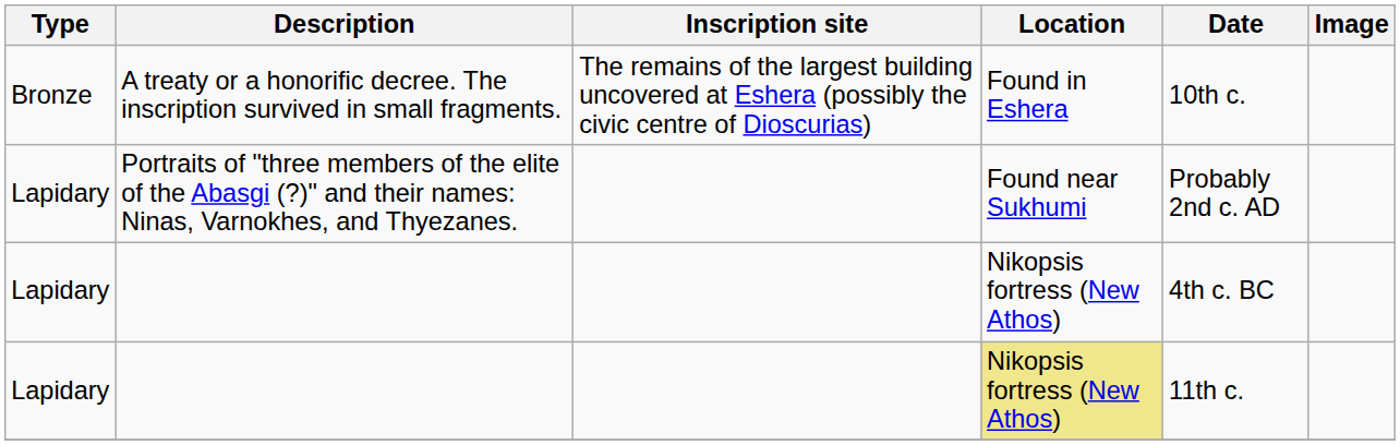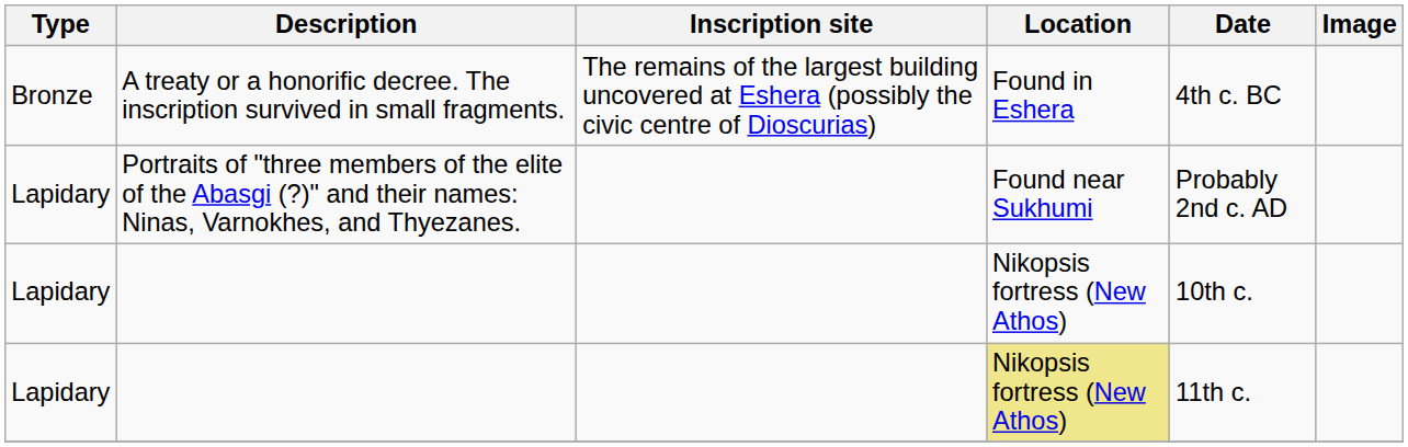 <table class="wikitable">
 <tr>
 <th>Type</th>
 <th>Description</th>
 <th>Inscription site</th>
 <th>Location</th>
 <th>Date</th>
 <th>Image</th>
 </tr>
 <tr>
 <td>Bronze</td>
 <td>A treaty or a honorific decree. The inscription survived in small fragments.</td>
 <td>The remains of the largest building uncovered at <a href='#'>Eshera</a> (possibly the civic centre of <a href='#'>Dioscurias</a>)</td>
 <td>Found in <a href='#'>Eshera</a></td>
-<td>10th c.</td>
+<td>4th c. BC</td>
 <td></td>
 </tr>
 <tr>
 <td>Lapidary</td>
 <td>Portraits of "three members of the elite of the <a href='#'>Abasgi</a> (?)" and their names: Ninas, Varnokhes, and Thyezanes.</td>
 <td></td>
 <td>Found near <a href='#'>Sukhumi</a></td>
 <td>Probably 2nd c. AD</td>
 <td></td>
 </tr>
 <tr>
 <td>Lapidary</td>
 <td></td>
 <td></td>
 <td>Nikopsis fortress (<a href='#'>New Athos</a>)</td>
-<td>4th c. BC</td>
+<td>10th c.</td>
 <td></td>
 </tr>
 <tr>
 <td>Lapidary</td>
 <td></td>
 <td></td>
 <td style="background: khaki;">Nikopsis fortress (<a href='#'>New Athos</a>)</td>
 <td>11th c.</td>
 <td></td>
 </tr>
 <tr>
 </tr>
 </table>
